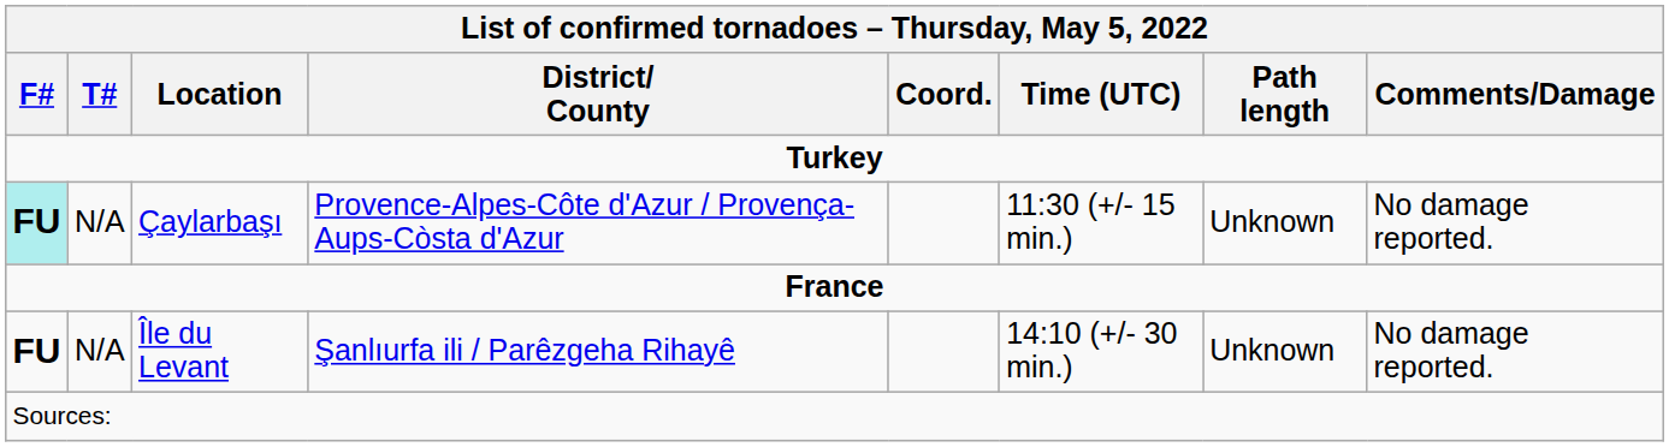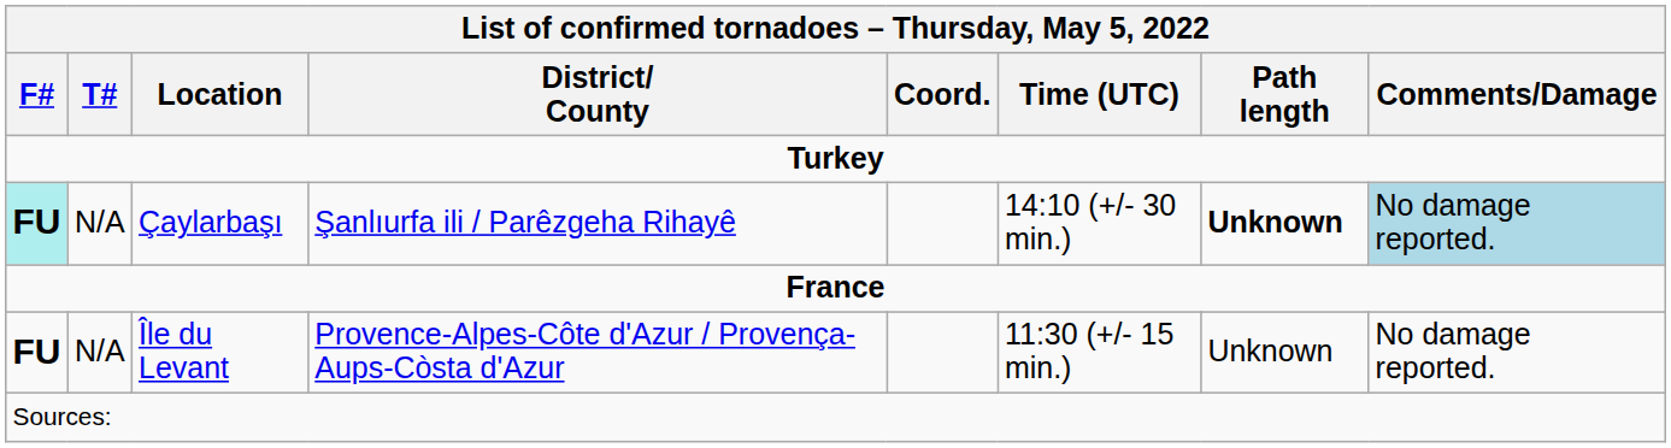 <table class="wikitable collapsible" width="100%">
 <tr>
 <th colspan="8">List of confirmed tornadoes – Thursday, May 5, 2022</th>
 </tr>
 <tr>
 <th><a href='#'>F#</a></th>
 <th><a href='#'>T#</a></th>
 <th>Location</th>
 <th>District/<br>County</th>
 <th>Coord.</th>
 <th>Time (UTC)</th>
 <th>Path length</th>
 <th>Comments/Damage</th>
 </tr>
 <tr>
 <td colspan="8" align=center><strong>Turkey</strong></td>
 </tr>
 <tr>
 <td style="background: paleturquoise;"><big><strong>FU</strong></big></td>
 <td>N/A</td>
 <td><a href='#'>Çaylarbaşı</a></td>
-<td><a href='#'>Provence-Alpes-Côte d'Azur / Provença-Aups-Còsta d'Azur</a></td>
+<td><a href='#'>Şanlıurfa ili / Parêzgeha Rihayê</a></td>
 <td></td>
-<td>11:30 (+/- 15 min.)</td>
-<td>Unknown</td>
-<td>No damage reported.</td>
+<td>14:10 (+/- 30 min.)</td>
+<td><strong>Unknown</strong></td>
+<td style="background: lightblue;">No damage reported.</td>
 </tr>
 <tr>
 <td colspan="8" align=center><strong>France</strong></td>
 </tr>
 <tr>
 <td><big><strong>FU</strong></big></td>
 <td>N/A</td>
 <td><a href='#'>Île du Levant</a></td>
-<td><a href='#'>Şanlıurfa ili / Parêzgeha Rihayê</a></td>
+<td><a href='#'>Provence-Alpes-Côte d'Azur / Provença-Aups-Còsta d'Azur</a></td>
 <td></td>
-<td>14:10 (+/- 30 min.)</td>
+<td>11:30 (+/- 15 min.)</td>
 <td>Unknown</td>
 <td>No damage reported.</td>
 </tr>
 <tr>
 <td colspan="8"><small>Sources:  </small></td>
 </tr>
 </table>
